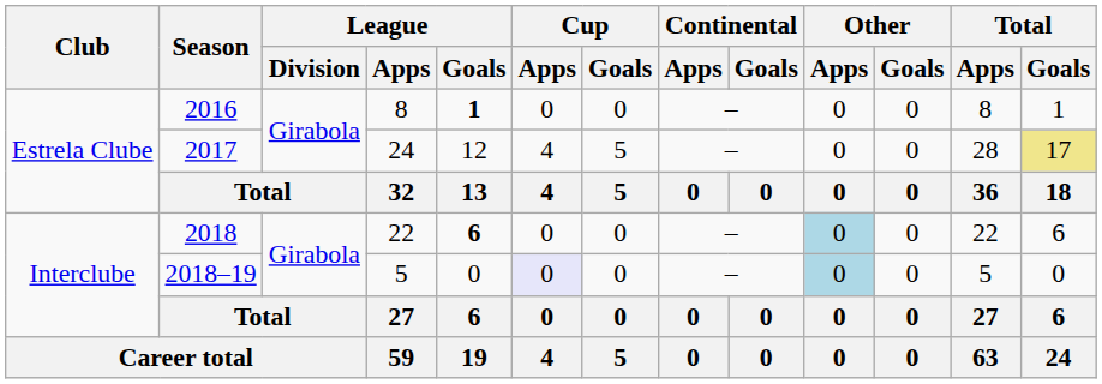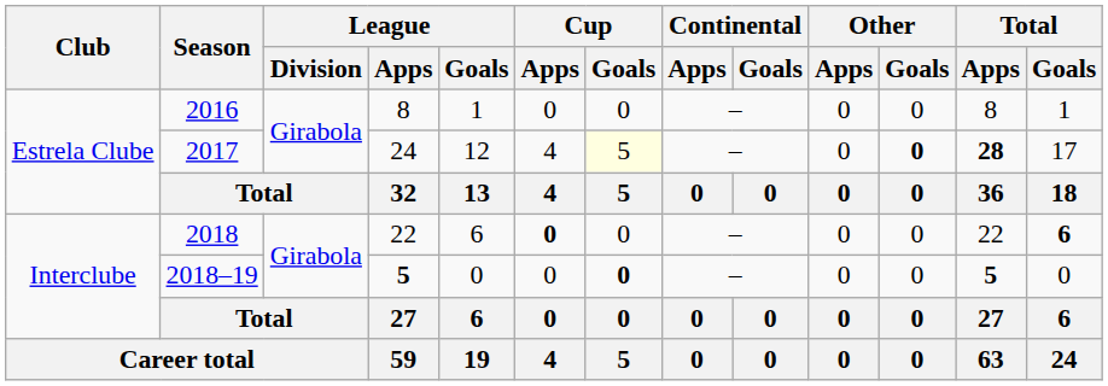 <table class="wikitable" style="text-align: center">
 <tr>
 <th rowspan="2">Club</th>
 <th rowspan="2">Season</th>
 <th colspan="3">League</th>
 <th colspan="2">Cup</th>
 <th colspan="2">Continental</th>
 <th colspan="2">Other</th>
 <th colspan="2">Total</th>
 </tr>
 <tr>
 <th>Division</th>
 <th>Apps</th>
 <th>Goals</th>
 <th>Apps</th>
 <th>Goals</th>
 <th>Apps</th>
 <th>Goals</th>
 <th>Apps</th>
 <th>Goals</th>
 <th>Apps</th>
 <th>Goals</th>
 </tr>
 <tr>
 <td rowspan="3"><a href='#'>Estrela Clube</a></td>
 <td><a href='#'>2016</a></td>
 <td rowspan="2"><a href='#'>Girabola</a></td>
 <td>8</td>
-<td><strong>1</strong></td>
+<td>1</td>
 <td>0</td>
 <td>0</td>
 <td colspan="2">–</td>
 <td>0</td>
 <td>0</td>
 <td>8</td>
 <td>1</td>
 </tr>
 <tr>
 <td><a href='#'>2017</a></td>
 <td>24</td>
 <td>12</td>
 <td>4</td>
-<td>5</td>
+<td style="background: lightyellow;">5</td>
 <td colspan="2">–</td>
 <td>0</td>
-<td>0</td>
-<td>28</td>
-<td style="background: khaki;">17</td>
+<td><strong>0</strong></td>
+<td><strong>28</strong></td>
+<td>17</td>
 </tr>
 <tr>
 <th colspan="2"><strong>Total</strong></th>
 <th>32</th>
 <th>13</th>
 <th>4</th>
 <th>5</th>
 <th>0</th>
 <th>0</th>
 <th>0</th>
 <th>0</th>
 <th>36</th>
 <th>18</th>
 </tr>
 <tr>
 <td rowspan="3"><a href='#'>Interclube</a></td>
 <td><a href='#'>2018</a></td>
 <td rowspan="2"><a href='#'>Girabola</a></td>
 <td>22</td>
-<td><strong>6</strong></td>
+<td>6</td>
+<td><strong>0</strong></td>
+<td>0</td>
+<td colspan="2">–</td>
 <td>0</td>
 <td>0</td>
-<td colspan="2">–</td>
-<td style="background: lightblue;">0</td>
-<td>0</td>
 <td>22</td>
-<td>6</td>
+<td><strong>6</strong></td>
 </tr>
 <tr>
 <td><a href='#'>2018–19</a></td>
-<td>5</td>
+<td><strong>5</strong></td>
 <td>0</td>
-<td style="background: lavender;">0</td>
 <td>0</td>
+<td><strong>0</strong></td>
 <td colspan="2">–</td>
-<td style="background: lightblue;">0</td>
 <td>0</td>
-<td>5</td>
+<td>0</td>
+<td><strong>5</strong></td>
 <td>0</td>
 </tr>
 <tr>
 <th colspan="2"><strong>Total</strong></th>
 <th>27</th>
 <th>6</th>
 <th>0</th>
 <th>0</th>
 <th>0</th>
 <th>0</th>
 <th>0</th>
 <th>0</th>
 <th>27</th>
 <th>6</th>
 </tr>
 <tr>
 <th colspan="3"><strong>Career total</strong></th>
 <th>59</th>
 <th>19</th>
 <th>4</th>
 <th>5</th>
 <th>0</th>
 <th>0</th>
 <th>0</th>
 <th>0</th>
 <th>63</th>
 <th>24</th>
 </tr>
 </table>
